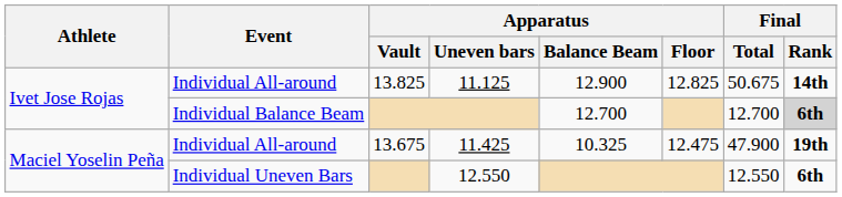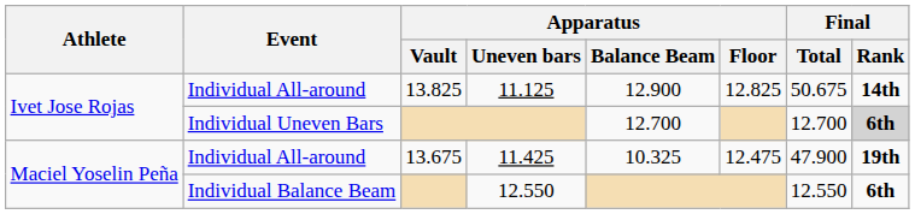 <table class="wikitable" style="font-size:90%">
 <tr>
 <th rowspan="2">Athlete</th>
 <th rowspan="2">Event</th>
 <th colspan = "4">Apparatus</th>
 <th colspan = "2">Final</th>
 </tr>
 <tr>
 <th>Vault</th>
 <th>Uneven bars</th>
 <th>Balance Beam</th>
 <th>Floor</th>
 <th>Total</th>
 <th>Rank</th>
 </tr>
 <tr>
 <td rowspan=2><a href='#'>Ivet Jose Rojas</a></td>
 <td><a href='#'>Individual All-around</a></td>
 <td align=center>13.825</td>
 <td align=center><u>11.125</u></td>
 <td align=center>12.900</td>
 <td align=center>12.825</td>
 <td align=center>50.675</td>
 <td align=center><strong>14th</strong></td>
 </tr>
 <tr>
-<td><a href='#'>Individual Balance Beam</a></td>
+<td><a href='#'>Individual Uneven Bars</a></td>
 <td colspan="2" style="text-align:center; background:wheat;"></td>
 <td align=center>12.700</td>
 <td style="text-align:center; background:wheat;"></td>
 <td align=center>12.700</td>
 <td align=center style="background: lightgrey;"><strong>6th</strong></td>
 </tr>
 <tr>
 <td rowspan=2><a href='#'>Maciel Yoselin Peña</a></td>
 <td><a href='#'>Individual All-around</a></td>
 <td align=center>13.675</td>
 <td align=center><u>11.425</u></td>
 <td align=center>10.325</td>
 <td align=center>12.475</td>
 <td align=center>47.900</td>
 <td align=center><strong>19th</strong></td>
 </tr>
 <tr>
-<td><a href='#'>Individual Uneven Bars</a></td>
+<td><a href='#'>Individual Balance Beam</a></td>
 <td style="text-align:center; background:wheat;"></td>
 <td align=center>12.550</td>
 <td colspan="2" style="text-align:center; background:wheat;"></td>
 <td align=center>12.550</td>
 <td align=center><strong>6th</strong></td>
 </tr>
 </table>
